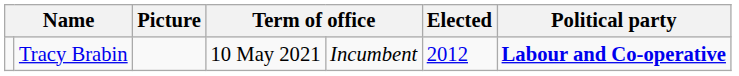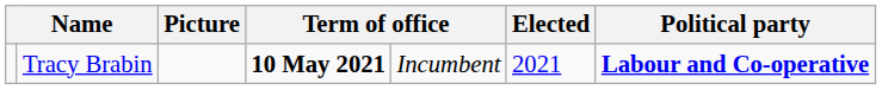 <table class="wikitable">
 <tr>
 <th colspan="2">Name</th>
 <th>Picture</th>
 <th colspan="2">Term of office</th>
 <th>Elected</th>
 <th>Political party</th>
 </tr>
 <tr>
 <td style="background-color: "></td>
 <td><a href='#'>Tracy Brabin</a></td>
 <td></td>
-<td>10 May 2021</td>
+<td><strong>10 May 2021</strong></td>
 <td><em>Incumbent</em></td>
-<td><a href='#'>2012</a></td>
+<td><a href='#'>2021</a></td>
 <td><strong><a href='#'>Labour and Co-operative</a></strong></td>
 </tr>
 </table>
